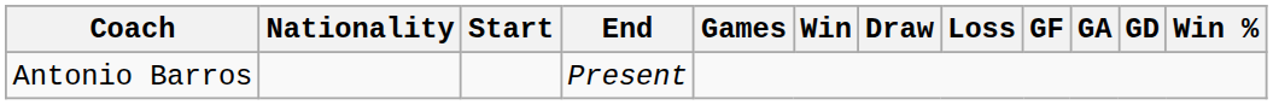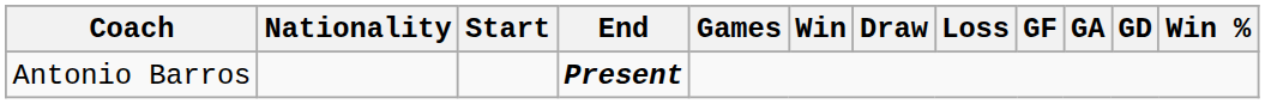 <table class="wikitable" style="text-align:center; margin-left: lem;">
 <tr>
 <th>Coach</th>
 <th>Nationality</th>
 <th>Start</th>
 <th>End</th>
 <th>Games</th>
 <th><strong>Win</strong></th>
 <th>Draw</th>
 <th>Loss</th>
 <th>GF</th>
 <th>GA</th>
 <th>GD</th>
 <th>Win %</th>
 </tr>
 <tr>
 <td>Antonio Barros</td>
 <td></td>
 <td></td>
-<td><em>Present</em><br></td>
+<td><strong><em>Present</em><br></strong></td>
 </tr>
 </table>
